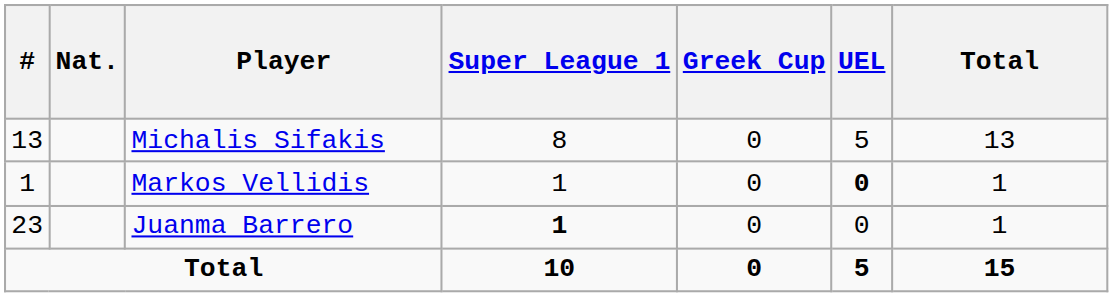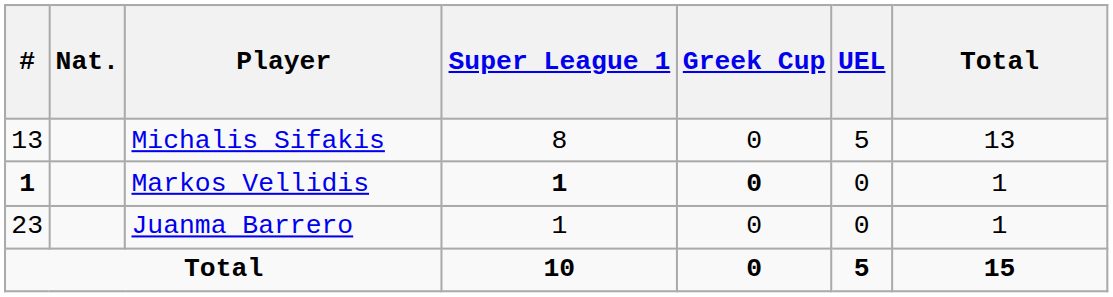 <table class="wikitable sortable alternance" ; style="text-align:center; ">
 <tr>
 <th height=50>#</th>
 <th width=10>Nat.</th>
 <th width=150>Player</th>
 <th height=50><a href='#'>Super League 1</a></th>
 <th height=50><a href='#'>Greek Cup</a></th>
 <th height=50><a href='#'>UEL</a></th>
 <th width=100>Total</th>
 </tr>
 <tr>
 <td>13</td>
 <td></td>
 <td align="left"><a href='#'>Michalis Sifakis</a></td>
 <td>8</td>
 <td>0</td>
 <td>5</td>
 <td>13</td>
 </tr>
 <tr>
-<td>1</td>
+<td><strong>1</strong></td>
 <td></td>
 <td align="left"><a href='#'>Markos Vellidis</a></td>
-<td>1</td>
+<td><strong>1</strong></td>
+<td><strong>0</strong></td>
 <td>0</td>
-<td><strong>0</strong></td>
 <td>1</td>
 </tr>
 <tr>
 <td>23</td>
 <td></td>
 <td align="left"><a href='#'>Juanma Barrero</a></td>
-<td><strong>1</strong></td>
+<td>1</td>
 <td>0</td>
 <td>0</td>
 <td>1</td>
 </tr>
 <tr class="sortbottom">
 <td colspan="3"><strong>Total</strong></td>
 <td><strong>10</strong></td>
 <td><strong>0</strong></td>
 <td><strong>5</strong></td>
 <td><strong>15</strong></td>
 </tr>
 </table>
